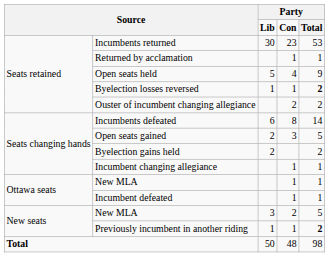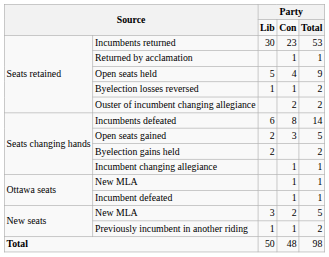 <table class="wikitable" style="text-align:right;">
 <tr>
 <th colspan="2" rowspan="2">Source</th>
 <th colspan="3">Party</th>
 </tr>
 <tr>
 <td><strong>Lib</strong></td>
 <td><strong>Con</strong></td>
 <th>Total</th>
 </tr>
 <tr>
 <td rowspan="5" style="text-align:left;">Seats retained</td>
 <td style="text-align:left;">Incumbents returned</td>
 <td>30</td>
 <td>23</td>
 <td>53</td>
 </tr>
 <tr>
 <td style="text-align:left;">Returned by acclamation</td>
 <td></td>
 <td>1</td>
 <td>1</td>
 </tr>
 <tr>
 <td style="text-align:left;">Open seats held</td>
 <td>5</td>
 <td>4</td>
 <td>9</td>
 </tr>
 <tr>
 <td style="text-align:left;">Byelection losses reversed</td>
 <td>1</td>
 <td>1</td>
-<td><strong>2</strong></td>
+<td>2</td>
 </tr>
 <tr>
 <td style="text-align:left;">Ouster of incumbent changing allegiance</td>
 <td></td>
 <td>2</td>
 <td>2</td>
 </tr>
 <tr>
 <td rowspan="4" style="text-align:left;">Seats changing hands</td>
 <td style="text-align:left;">Incumbents defeated</td>
 <td>6</td>
 <td>8</td>
 <td>14</td>
 </tr>
 <tr>
 <td style="text-align:left;">Open seats gained</td>
 <td>2</td>
 <td>3</td>
 <td>5</td>
 </tr>
 <tr>
 <td style="text-align:left;">Byelection gains held</td>
 <td>2</td>
 <td></td>
 <td>2</td>
 </tr>
 <tr>
 <td style="text-align:left;">Incumbent changing allegiance</td>
 <td></td>
 <td>1</td>
 <td>1</td>
 </tr>
 <tr>
 <td rowspan="2" style="text-align:left;">Ottawa seats</td>
 <td style="text-align:left;">New MLA</td>
 <td></td>
 <td>1</td>
 <td>1</td>
 </tr>
 <tr>
 <td style="text-align:left;">Incumbent defeated</td>
 <td></td>
 <td>1</td>
 <td>1</td>
 </tr>
 <tr>
 <td rowspan="2" style="text-align:left;">New seats</td>
 <td style="text-align:left;">New MLA</td>
 <td>3</td>
 <td>2</td>
 <td>5</td>
 </tr>
 <tr>
 <td style="text-align:left;">Previously incumbent in another riding</td>
 <td>1</td>
 <td>1</td>
-<td><strong>2</strong></td>
+<td>2</td>
 </tr>
 <tr>
 <td colspan="2" style="text-align:left;"><strong>Total</strong></td>
 <td>50</td>
 <td>48</td>
 <td>98</td>
 </tr>
 </table>
